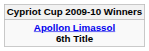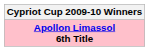 <table class="wikitable" style="text-align: center; margin: 0 auto;">
 <tr>
 <th>Cypriot Cup 2009-10 Winners</th>
 </tr>
 <tr>
-<td><strong><a href='#'>Apollon Limassol</a></strong><br><strong>6th Title</strong></td>
+<td style="background: pink;"><strong><a href='#'>Apollon Limassol</a></strong><br><strong>6th Title</strong></td>
 </tr>
 </table>
